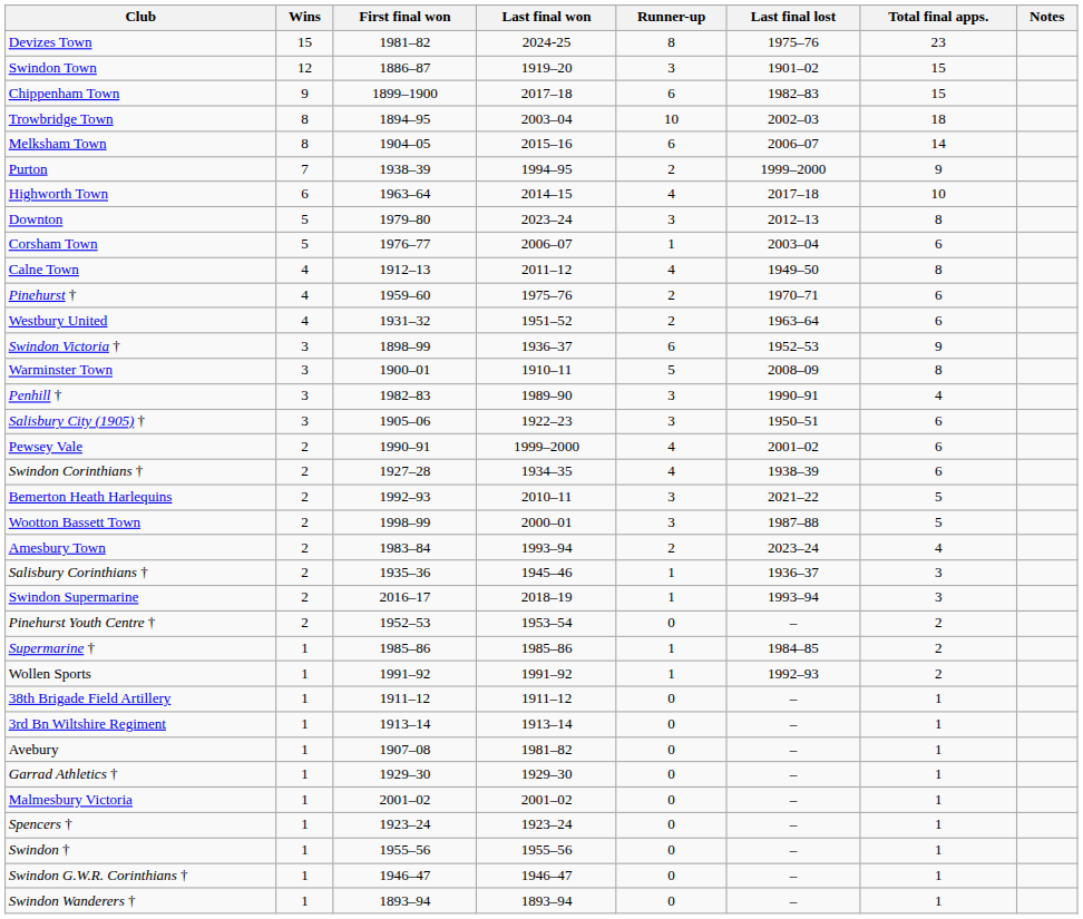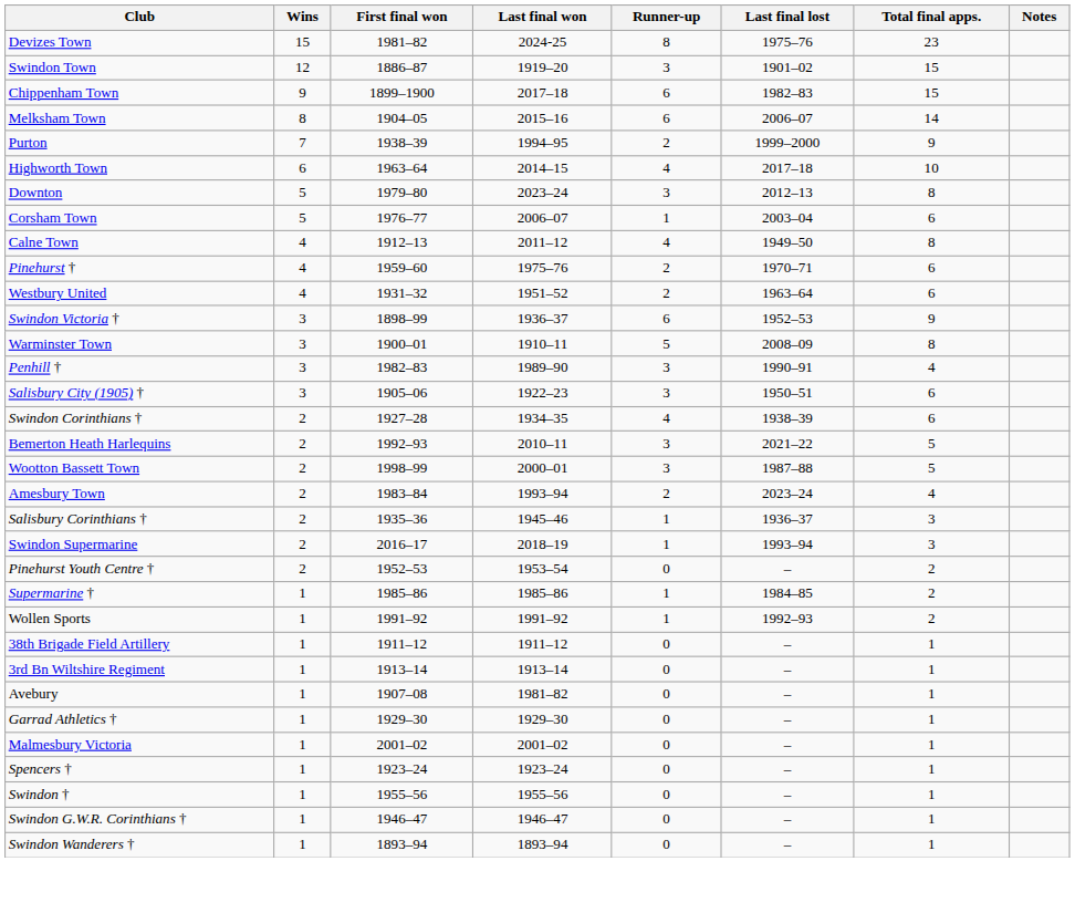 <table class="wikitable sortable" style="text-align: center; width: 100%; font-size: 12px">
 <tr>
 <th>Club</th>
 <th>Wins</th>
 <th>First final won</th>
 <th>Last final won</th>
 <th>Runner-up</th>
 <th>Last final lost</th>
 <th>Total final apps.</th>
 <th>Notes</th>
 </tr>
 <tr>
 <td style="text-align: left"><a href='#'>Devizes Town</a></td>
 <td>15</td>
 <td>1981–82</td>
 <td>2024-25</td>
 <td>8</td>
 <td>1975–76</td>
 <td>23</td>
 <td></td>
 </tr>
 <tr>
 <td style="text-align: left"><a href='#'>Swindon Town</a></td>
 <td>12</td>
 <td>1886–87</td>
 <td>1919–20</td>
 <td>3</td>
 <td>1901–02</td>
 <td>15</td>
 <td></td>
 </tr>
 <tr>
 <td style="text-align: left"><a href='#'>Chippenham Town</a></td>
 <td>9</td>
 <td>1899–1900</td>
 <td>2017–18</td>
 <td>6</td>
 <td>1982–83</td>
 <td>15</td>
-<td></td>
-</tr>
-<tr>
-<td style="text-align: left"><a href='#'>Trowbridge Town</a></td>
-<td>8</td>
-<td>1894–95</td>
-<td>2003–04</td>
-<td>10</td>
-<td>2002–03</td>
-<td>18</td>
 <td></td>
 </tr>
 <tr>
 <td style="text-align: left"><a href='#'>Melksham Town</a></td>
 <td>8</td>
 <td>1904–05</td>
 <td>2015–16</td>
 <td>6</td>
 <td>2006–07</td>
 <td>14</td>
 <td></td>
 </tr>
 <tr>
 <td style="text-align: left"><a href='#'>Purton</a></td>
 <td>7</td>
 <td>1938–39</td>
 <td>1994–95</td>
 <td>2</td>
 <td>1999–2000</td>
 <td>9</td>
 <td></td>
 </tr>
 <tr>
 <td style="text-align: left"><a href='#'>Highworth Town</a></td>
 <td>6</td>
 <td>1963–64</td>
 <td>2014–15</td>
 <td>4</td>
 <td>2017–18</td>
 <td>10</td>
 <td></td>
 </tr>
 <tr>
 <td style="text-align: left"><a href='#'>Downton</a></td>
 <td>5</td>
 <td>1979–80</td>
 <td>2023–24</td>
 <td>3</td>
 <td>2012–13</td>
 <td>8</td>
 <td></td>
 </tr>
 <tr>
 <td style="text-align: left"><a href='#'>Corsham Town</a></td>
 <td>5</td>
 <td>1976–77</td>
 <td>2006–07</td>
 <td>1</td>
 <td>2003–04</td>
 <td>6</td>
 <td></td>
 </tr>
 <tr>
 <td style="text-align: left"><a href='#'>Calne Town</a></td>
 <td>4</td>
 <td>1912–13</td>
 <td>2011–12</td>
 <td>4</td>
 <td>1949–50</td>
 <td>8</td>
 <td></td>
 </tr>
 <tr>
 <td style="text-align: left"><em><a href='#'>Pinehurst</a></em> †</td>
 <td>4</td>
 <td>1959–60</td>
 <td>1975–76</td>
 <td>2</td>
 <td>1970–71</td>
 <td>6</td>
 <td></td>
 </tr>
 <tr>
 <td style="text-align: left"><a href='#'>Westbury United</a></td>
 <td>4</td>
 <td>1931–32</td>
 <td>1951–52</td>
 <td>2</td>
 <td>1963–64</td>
 <td>6</td>
 <td></td>
 </tr>
 <tr>
 <td style="text-align: left"><em><a href='#'>Swindon Victoria</a></em> †</td>
 <td>3</td>
 <td>1898–99</td>
 <td>1936–37</td>
 <td>6</td>
 <td>1952–53</td>
 <td>9</td>
 <td></td>
 </tr>
 <tr>
 <td style="text-align: left"><a href='#'>Warminster Town</a></td>
 <td>3</td>
 <td>1900–01</td>
 <td>1910–11</td>
 <td>5</td>
 <td>2008–09</td>
 <td>8</td>
 <td></td>
 </tr>
 <tr>
 <td style="text-align: left"><em><a href='#'>Penhill</a></em> †</td>
 <td>3</td>
 <td>1982–83</td>
 <td>1989–90</td>
 <td>3</td>
 <td>1990–91</td>
 <td>4</td>
 <td></td>
 </tr>
 <tr>
 <td style="text-align: left"><em><a href='#'>Salisbury City (1905)</a></em> †</td>
 <td>3</td>
 <td>1905–06</td>
 <td>1922–23</td>
 <td>3</td>
 <td>1950–51</td>
-<td>6</td>
-<td></td>
-</tr>
-<tr>
-<td style="text-align: left"><a href='#'>Pewsey Vale</a></td>
-<td>2</td>
-<td>1990–91</td>
-<td>1999–2000</td>
-<td>4</td>
-<td>2001–02</td>
 <td>6</td>
 <td></td>
 </tr>
 <tr>
 <td style="text-align: left"><em>Swindon Corinthians</em> †</td>
 <td>2</td>
 <td>1927–28</td>
 <td>1934–35</td>
 <td>4</td>
 <td>1938–39</td>
 <td>6</td>
 <td></td>
 </tr>
 <tr>
 <td style="text-align: left"><a href='#'>Bemerton Heath Harlequins</a></td>
 <td>2</td>
 <td>1992–93</td>
 <td>2010–11</td>
 <td>3</td>
 <td>2021–22</td>
 <td>5</td>
 <td></td>
 </tr>
 <tr>
 <td style="text-align: left"><a href='#'>Wootton Bassett Town</a></td>
 <td>2</td>
 <td>1998–99</td>
 <td>2000–01</td>
 <td>3</td>
 <td>1987–88</td>
 <td>5</td>
 <td></td>
 </tr>
 <tr>
 <td style="text-align: left"><a href='#'>Amesbury Town</a></td>
 <td>2</td>
 <td>1983–84</td>
 <td>1993–94</td>
 <td>2</td>
 <td>2023–24</td>
 <td>4</td>
 <td></td>
 </tr>
 <tr>
 <td style="text-align: left"><em>Salisbury Corinthians</em> †</td>
 <td>2</td>
 <td>1935–36</td>
 <td>1945–46</td>
 <td>1</td>
 <td>1936–37</td>
 <td>3</td>
 <td></td>
 </tr>
 <tr>
 <td style="text-align: left"><a href='#'>Swindon Supermarine</a></td>
 <td>2</td>
 <td>2016–17</td>
 <td>2018–19</td>
 <td>1</td>
 <td>1993–94</td>
 <td>3</td>
 <td></td>
 </tr>
 <tr>
 <td style="text-align: left"><em>Pinehurst Youth Centre</em> †</td>
 <td>2</td>
 <td>1952–53</td>
 <td>1953–54</td>
 <td>0</td>
 <td>–</td>
 <td>2</td>
 <td></td>
 </tr>
 <tr>
 <td style="text-align: left"><em><a href='#'>Supermarine</a></em> †</td>
 <td>1</td>
 <td>1985–86</td>
 <td>1985–86</td>
 <td>1</td>
 <td>1984–85</td>
 <td>2</td>
 <td></td>
 </tr>
 <tr>
 <td style="text-align: left">Wollen Sports</td>
 <td>1</td>
 <td>1991–92</td>
 <td>1991–92</td>
 <td>1</td>
 <td>1992–93</td>
 <td>2</td>
 <td></td>
 </tr>
 <tr>
 <td style="text-align: left"><a href='#'>38th Brigade Field Artillery</a></td>
 <td>1</td>
 <td>1911–12</td>
 <td>1911–12</td>
 <td>0</td>
 <td>–</td>
 <td>1</td>
 <td></td>
 </tr>
 <tr>
 <td style="text-align: left"><a href='#'>3rd Bn Wiltshire Regiment</a></td>
 <td>1</td>
 <td>1913–14</td>
 <td>1913–14</td>
 <td>0</td>
 <td>–</td>
 <td>1</td>
 <td></td>
 </tr>
 <tr>
 <td style="text-align: left">Avebury</td>
 <td>1</td>
 <td>1907–08</td>
 <td>1981–82</td>
 <td>0</td>
 <td>–</td>
 <td>1</td>
 <td></td>
 </tr>
 <tr>
 <td style="text-align: left"><em>Garrad Athletics</em> †</td>
 <td>1</td>
 <td>1929–30</td>
 <td>1929–30</td>
 <td>0</td>
 <td>–</td>
 <td>1</td>
 <td></td>
 </tr>
 <tr>
 <td style="text-align: left"><a href='#'>Malmesbury Victoria</a></td>
 <td>1</td>
 <td>2001–02</td>
 <td>2001–02</td>
 <td>0</td>
 <td>–</td>
 <td>1</td>
 <td></td>
 </tr>
 <tr>
 <td style="text-align: left"><em>Spencers</em> †</td>
 <td>1</td>
 <td>1923–24</td>
 <td>1923–24</td>
 <td>0</td>
 <td>–</td>
 <td>1</td>
 <td></td>
 </tr>
 <tr>
 <td style="text-align: left"><em>Swindon</em> †</td>
 <td>1</td>
 <td>1955–56</td>
 <td>1955–56</td>
 <td>0</td>
 <td>–</td>
 <td>1</td>
 <td></td>
 </tr>
 <tr>
 <td style="text-align: left"><em>Swindon G.W.R. Corinthians</em> †</td>
 <td>1</td>
 <td>1946–47</td>
 <td>1946–47</td>
 <td>0</td>
 <td>–</td>
 <td>1</td>
 <td></td>
 </tr>
 <tr>
 <td style="text-align: left"><em>Swindon Wanderers</em> †</td>
 <td>1</td>
 <td>1893–94</td>
 <td>1893–94</td>
 <td>0</td>
 <td>–</td>
 <td>1</td>
 <td></td>
 </tr>
 </table>
